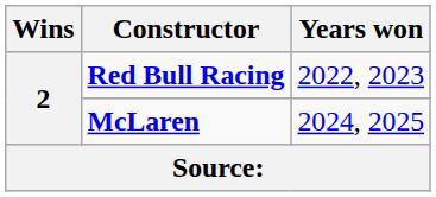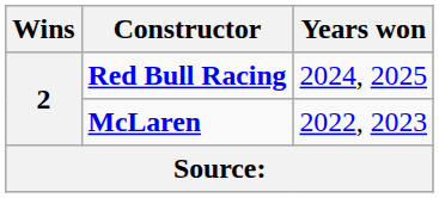 <table class="wikitable" style="font-size: 95%;">
 <tr>
 <th>Wins</th>
 <th>Constructor</th>
 <th>Years won</th>
 </tr>
 <tr>
 <th rowspan="2">2</th>
 <td> <strong><a href='#'>Red Bull Racing</a></strong></td>
-<td><a href='#'>2022</a>, <a href='#'>2023</a></td>
+<td><a href='#'>2024</a>, <a href='#'>2025</a></td>
 </tr>
 <tr>
 <td> <strong><a href='#'>McLaren</a></strong></td>
-<td><a href='#'>2024</a>, <a href='#'>2025</a></td>
+<td><a href='#'>2022</a>, <a href='#'>2023</a></td>
 </tr>
 <tr>
 <th colspan=4>Source:</th>
 </tr>
 </table>
